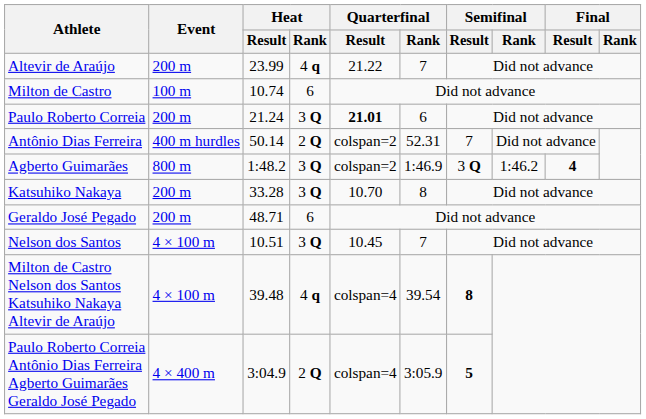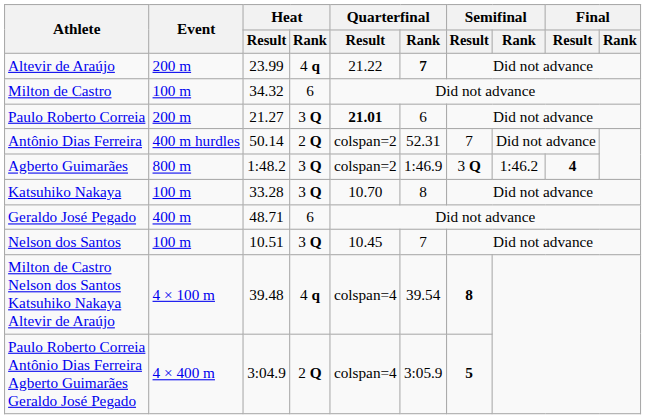 <table class="wikitable" style="font-size:90%">
 <tr>
 <th rowspan="2">Athlete</th>
 <th rowspan="2">Event</th>
 <th colspan="2">Heat</th>
 <th colspan="2">Quarterfinal</th>
 <th colspan="2">Semifinal</th>
 <th colspan="2">Final</th>
 </tr>
 <tr style="font-size:95%">
 <th>Result</th>
 <th>Rank</th>
 <th>Result</th>
 <th>Rank</th>
 <th>Result</th>
 <th>Rank</th>
 <th>Result</th>
 <th>Rank</th>
 </tr>
 <tr align=center>
 <td align=left rowspan="1"><a href='#'>Altevir de Araújo</a></td>
 <td align=left><a href='#'>200 m</a></td>
 <td>23.99</td>
 <td>4 <strong>q</strong></td>
 <td>21.22</td>
-<td>7</td>
+<td><strong>7</strong></td>
 <td colspan=4>Did not advance</td>
 </tr>
 <tr align=center>
 <td align=left rowspan="1"><a href='#'>Milton de Castro</a></td>
 <td align=left><a href='#'>100 m</a></td>
-<td>10.74</td>
+<td>34.32</td>
 <td>6</td>
 <td colspan=6>Did not advance</td>
 </tr>
 <tr align=center>
 <td align=left rowspan="1"><a href='#'>Paulo Roberto Correia</a></td>
 <td align=left><a href='#'>200 m</a></td>
-<td>21.24</td>
+<td>21.27</td>
 <td>3 <strong>Q</strong></td>
 <td><strong>21.01</strong></td>
 <td>6</td>
 <td colspan=4>Did not advance</td>
 </tr>
 <tr align=center>
 <td align=left rowspan="1"><a href='#'>Antônio Dias Ferreira</a></td>
 <td align=left><a href='#'>400 m hurdles</a></td>
 <td>50.14</td>
 <td>2 <strong>Q</strong></td>
 <td>colspan=2 </td>
 <td>52.31</td>
 <td>7</td>
 <td colspan=2>Did not advance</td>
 </tr>
 <tr align=center>
 <td align=left rowspan="1"><a href='#'>Agberto Guimarães</a></td>
 <td align=left><a href='#'>800 m</a></td>
 <td>1:48.2</td>
 <td>3 <strong>Q</strong></td>
 <td>colspan=2 </td>
 <td>1:46.9</td>
 <td>3 <strong>Q</strong></td>
 <td>1:46.2</td>
 <td><strong>4</strong></td>
 </tr>
 <tr align=center>
 <td align=left rowspan="1"><a href='#'>Katsuhiko Nakaya</a></td>
-<td align=left><a href='#'>200 m</a></td>
+<td align=left><a href='#'>100 m</a></td>
 <td>33.28</td>
 <td>3 <strong>Q</strong></td>
 <td>10.70</td>
 <td>8</td>
 <td colspan=4>Did not advance</td>
 </tr>
 <tr align=center>
 <td align=left rowspan="1"><a href='#'>Geraldo José Pegado</a></td>
-<td align=left><a href='#'>200 m</a></td>
+<td align=left><a href='#'>400 m</a></td>
 <td>48.71</td>
 <td>6</td>
 <td colspan=6>Did not advance</td>
 </tr>
 <tr align=center>
 <td align=left rowspan="1"><a href='#'>Nelson dos Santos</a></td>
-<td align=left><a href='#'>4 × 100 m</a></td>
+<td align=left><a href='#'>100 m</a></td>
 <td>10.51</td>
 <td>3 <strong>Q</strong></td>
 <td>10.45</td>
 <td>7</td>
 <td colspan=4>Did not advance</td>
 </tr>
 <tr align=center>
 <td align=left rowspan="1"><a href='#'>Milton de Castro</a><br><a href='#'>Nelson dos Santos</a><br><a href='#'>Katsuhiko Nakaya</a><br><a href='#'>Altevir de Araújo</a></td>
 <td align=left><a href='#'>4 × 100 m</a></td>
 <td>39.48</td>
 <td>4 <strong>q</strong></td>
 <td>colspan=4 </td>
 <td>39.54</td>
 <td><strong>8</strong></td>
 </tr>
 <tr align=center>
 <td align=left rowspan="1"><a href='#'>Paulo Roberto Correia</a><br><a href='#'>Antônio Dias Ferreira</a><br><a href='#'>Agberto Guimarães</a><br><a href='#'>Geraldo José Pegado</a></td>
 <td align=left><a href='#'>4 × 400 m</a></td>
 <td>3:04.9</td>
 <td>2 <strong>Q</strong></td>
 <td>colspan=4 </td>
 <td>3:05.9</td>
 <td><strong>5</strong></td>
 </tr>
 </table>
